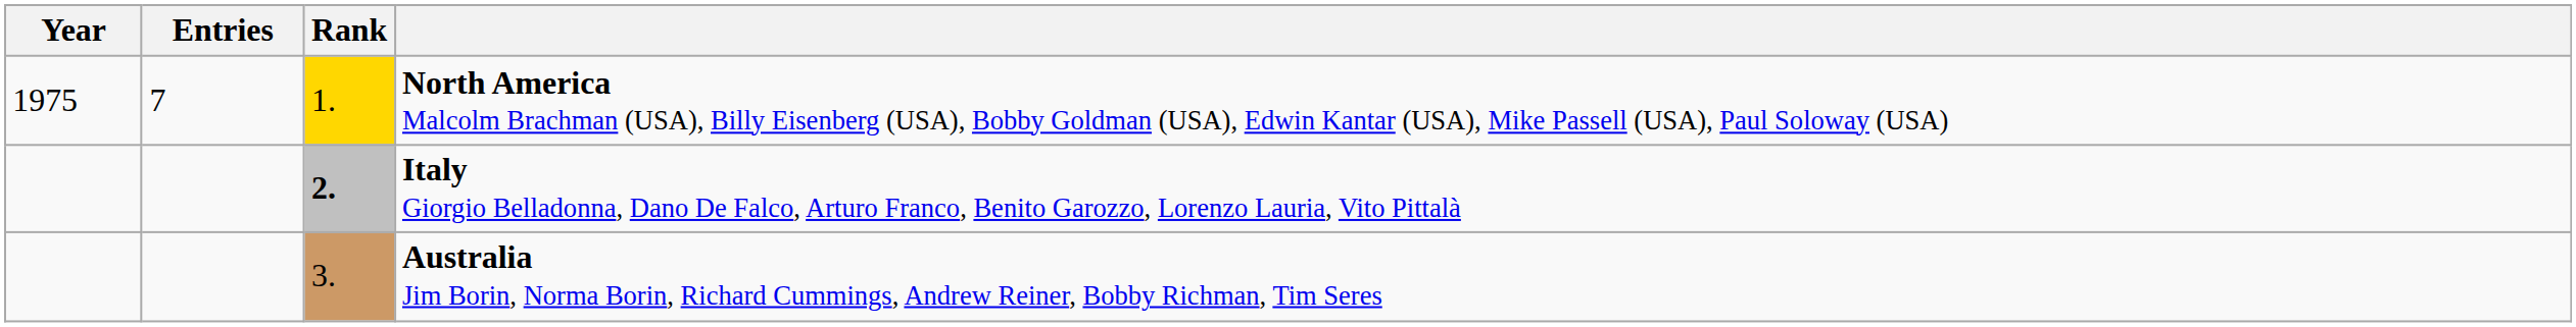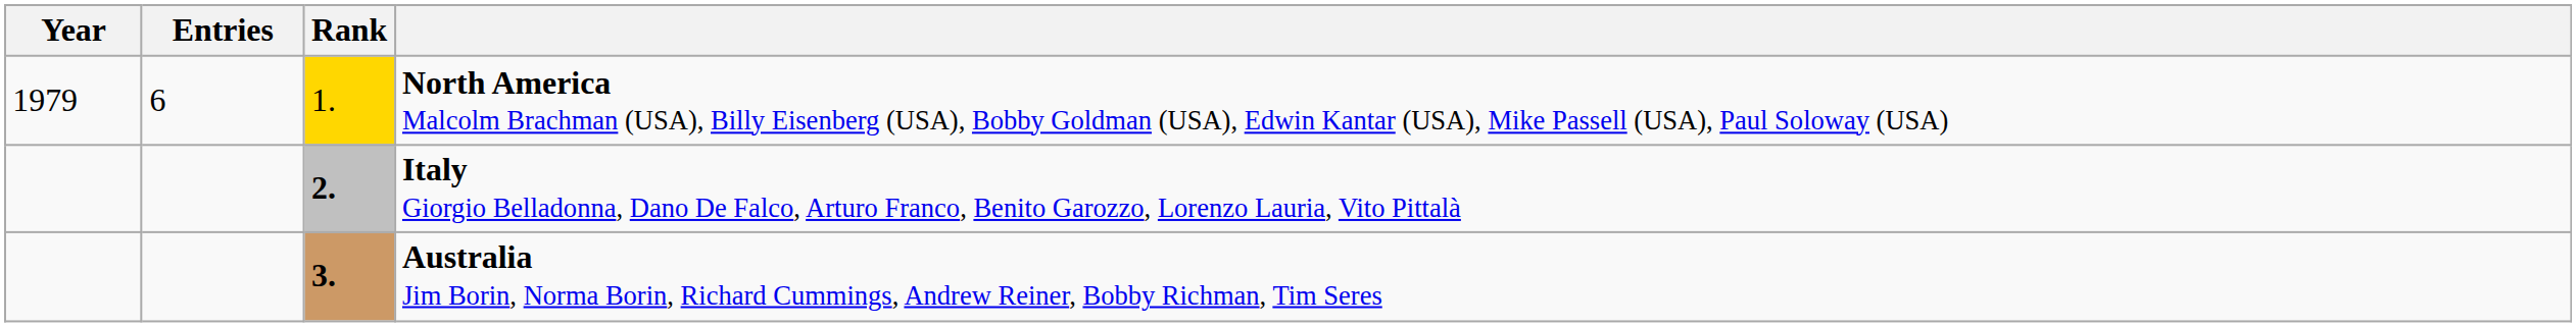 <table class="wikitable" style="width:100%;">
 <tr>
 <th>Year</th>
 <th>Entries</th>
 <th>Rank</th>
 <th></th>
 </tr>
 <tr>
-<td width=60>1975</td>
-<td>7</td>
+<td width=60>1979</td>
+<td>6</td>
 <td style="background:gold; width:30px;">1.</td>
 <td> <strong>North America</strong><br><small><a href='#'>Malcolm Brachman</a> (USA), <a href='#'>Billy Eisenberg</a> (USA), <a href='#'>Bobby Goldman</a> (USA), <a href='#'>Edwin Kantar</a> (USA), <a href='#'>Mike Passell</a> (USA), <a href='#'>Paul Soloway</a> (USA)</small></td>
 </tr>
 <tr>
 <td></td>
 <td></td>
 <td style="background:silver;"><strong>2.</strong></td>
 <td> <strong>Italy</strong><br><small><a href='#'>Giorgio Belladonna</a>, <a href='#'>Dano De Falco</a>, <a href='#'>Arturo Franco</a>, <a href='#'>Benito Garozzo</a>, <a href='#'>Lorenzo Lauria</a>, <a href='#'>Vito Pittalà</a></small></td>
 </tr>
 <tr>
 <td></td>
 <td></td>
-<td style="background:#c96;">3.</td>
+<td style="background:#c96;"><strong>3.</strong></td>
 <td> <strong>Australia</strong><br><small><a href='#'>Jim Borin</a>, <a href='#'>Norma Borin</a>, <a href='#'>Richard Cummings</a>, <a href='#'>Andrew Reiner</a>, <a href='#'>Bobby Richman</a>, <a href='#'>Tim Seres</a></small></td>
 </tr>
 </table>
